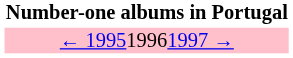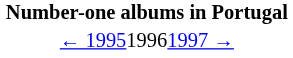 <table class="toc" id="toc" summary="Contents">
 <tr>
 <th>Number-one albums in Portugal</th>
 </tr>
 <tr>
-<td align="center" style="background: pink;"><a href='#'>← 1995</a>1996<a href='#'>1997 →</a></td>
+<td align="center"><a href='#'>← 1995</a>1996<a href='#'>1997 →</a></td>
 </tr>
 </table>
